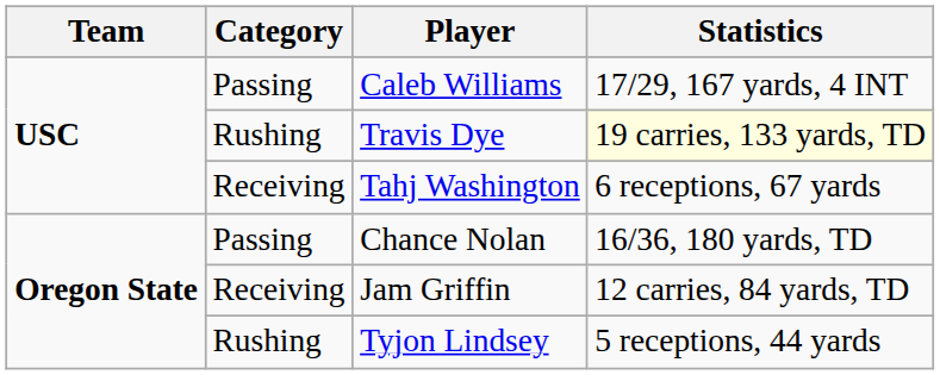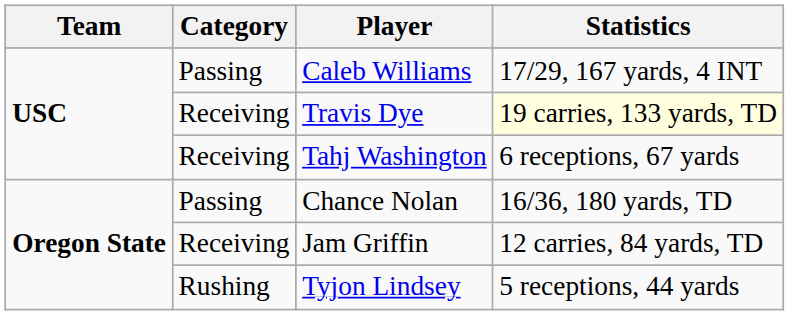 <table class="wikitable" style="float: right;">
 <tr>
 <th>Team</th>
 <th>Category</th>
 <th>Player</th>
 <th>Statistics</th>
 </tr>
 <tr>
 <td rowspan=3><strong>USC</strong></td>
 <td>Passing</td>
 <td><a href='#'>Caleb Williams</a></td>
 <td>17/29, 167 yards, 4 INT</td>
 </tr>
 <tr>
-<td>Rushing</td>
+<td>Receiving</td>
 <td><a href='#'>Travis Dye</a></td>
 <td style="background: lightyellow;">19 carries, 133 yards, TD</td>
 </tr>
 <tr>
 <td>Receiving</td>
 <td><a href='#'>Tahj Washington</a></td>
 <td>6 receptions, 67 yards</td>
 </tr>
 <tr>
 <td rowspan=3><strong>Oregon State</strong></td>
 <td>Passing</td>
 <td>Chance Nolan</td>
 <td>16/36, 180 yards, TD</td>
 </tr>
 <tr>
 <td>Receiving</td>
 <td>Jam Griffin</td>
 <td>12 carries, 84 yards, TD</td>
 </tr>
 <tr>
 <td>Rushing</td>
 <td><a href='#'>Tyjon Lindsey</a></td>
 <td>5 receptions, 44 yards</td>
 </tr>
 </table>
